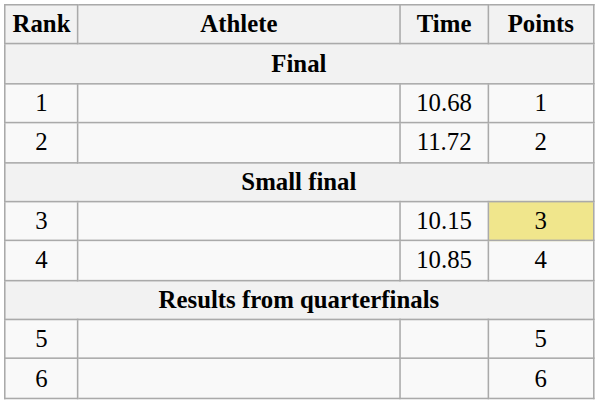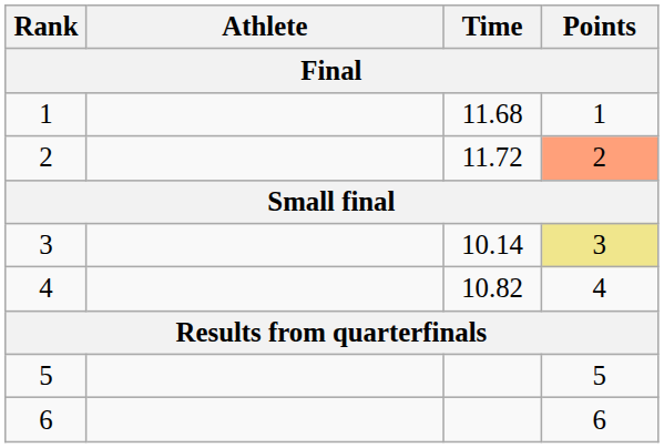 <table class=wikitable style="text-align:center">
 <tr>
 <th width=40>Rank</th>
 <th width=200>Athlete</th>
 <th width=50>Time</th>
 <th width=60>Points</th>
 </tr>
 <tr bgcolor=#DDDDDD>
 <th colspan=4>Final</th>
 </tr>
 <tr>
 <td>1</td>
 <td align=left></td>
-<td>10.68</td>
+<td>11.68</td>
 <td>1</td>
 </tr>
 <tr>
 <td>2</td>
 <td align=left></td>
 <td>11.72</td>
-<td>2</td>
+<td style="background: lightsalmon;">2</td>
 </tr>
 <tr bgcolor=#DDDDDD>
 <th colspan=4>Small final</th>
 </tr>
 <tr>
 <td>3</td>
 <td align=left></td>
-<td>10.15</td>
+<td>10.14</td>
 <td style="background: khaki;">3</td>
 </tr>
 <tr>
 <td>4</td>
 <td align=left></td>
-<td>10.85</td>
+<td>10.82</td>
 <td>4</td>
 </tr>
 <tr bgcolor=#DDDDDD>
 <th colspan=4>Results from quarterfinals</th>
 </tr>
 <tr>
 <td>5</td>
 <td align=left></td>
 <td></td>
 <td>5</td>
 </tr>
 <tr>
 <td>6</td>
 <td align=left></td>
 <td></td>
 <td>6</td>
 </tr>
 </table>
